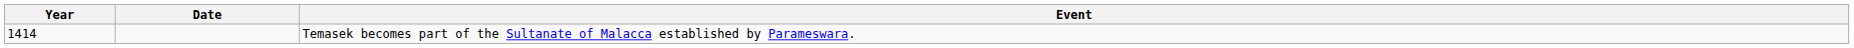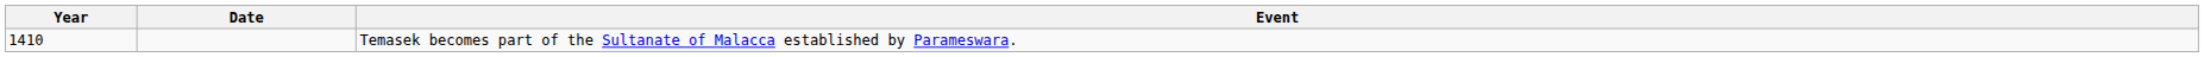 <table class=wikitable style=width:100%>
 <tr>
 <th style=width:6%>Year</th>
 <th style=width:10%>Date</th>
 <th>Event</th>
 </tr>
 <tr>
-<td>1414</td>
+<td>1410</td>
 <td></td>
 <td>Temasek becomes part of the <a href='#'>Sultanate of Malacca</a> established by <a href='#'>Parameswara</a>.</td>
 </tr>
 </table>
